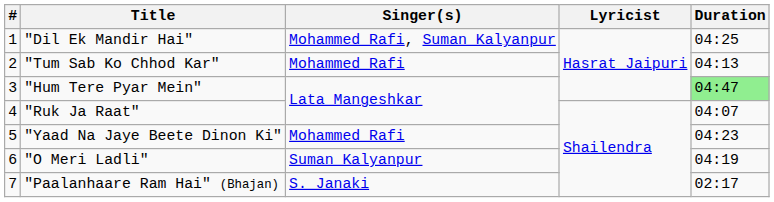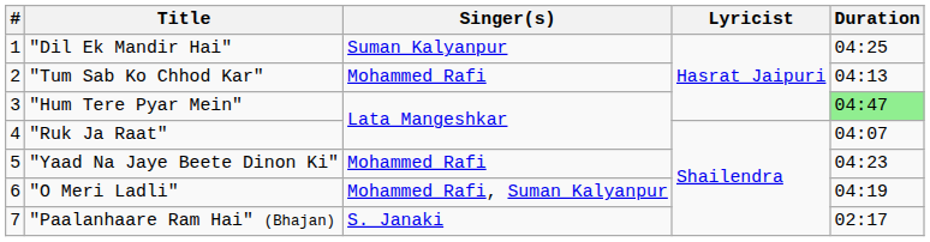 <table class="wikitable" style="font-size:95%;">
 <tr>
 <th>#</th>
 <th>Title</th>
 <th>Singer(s)</th>
 <th>Lyricist</th>
 <th>Duration</th>
 </tr>
 <tr>
 <td>1</td>
 <td>"Dil Ek Mandir Hai"</td>
-<td><a href='#'>Mohammed Rafi</a>, <a href='#'>Suman Kalyanpur</a></td>
+<td><a href='#'>Suman Kalyanpur</a></td>
 <td rowspan="3"><a href='#'>Hasrat Jaipuri</a></td>
 <td>04:25</td>
 </tr>
 <tr>
 <td>2</td>
 <td>"Tum Sab Ko Chhod Kar"</td>
 <td><a href='#'>Mohammed Rafi</a></td>
 <td>04:13</td>
 </tr>
 <tr>
 <td>3</td>
 <td>"Hum Tere Pyar Mein"</td>
 <td rowspan="2"><a href='#'>Lata Mangeshkar</a></td>
 <td style="background: lightgreen;">04:47</td>
 </tr>
 <tr>
 <td>4</td>
 <td>"Ruk Ja Raat"</td>
 <td rowspan="4"><a href='#'>Shailendra</a></td>
 <td>04:07</td>
 </tr>
 <tr>
 <td>5</td>
 <td>"Yaad Na Jaye Beete Dinon Ki"</td>
 <td><a href='#'>Mohammed Rafi</a></td>
 <td>04:23</td>
 </tr>
 <tr>
 <td>6</td>
 <td>"O Meri Ladli"</td>
-<td><a href='#'>Suman Kalyanpur</a></td>
+<td><a href='#'>Mohammed Rafi</a>, <a href='#'>Suman Kalyanpur</a></td>
 <td>04:19</td>
 </tr>
 <tr>
 <td>7</td>
 <td>"Paalanhaare Ram Hai"	<small>(Bhajan)</small></td>
 <td><a href='#'>S. Janaki</a></td>
 <td>02:17</td>
 </tr>
 </table>
